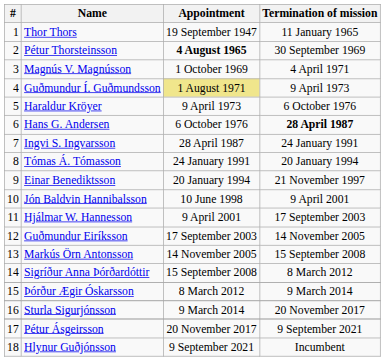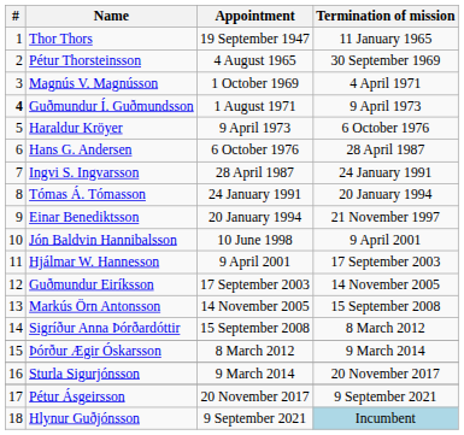 <table class="wikitable">
 <tr>
 <th>#</th>
 <th>Name</th>
 <th>Appointment</th>
 <th>Termination of mission</th>
 </tr>
 <tr>
 <td style="text-align: right;">1</td>
 <td><a href='#'>Thor Thors</a></td>
 <td style="text-align: center;">19 September 1947</td>
 <td style="text-align: center;">11 January 1965</td>
 </tr>
 <tr>
 <td style="text-align: right;">2</td>
 <td><a href='#'>Pétur Thorsteinsson</a></td>
-<td style="text-align: center;"><strong>4 August 1965</strong></td>
+<td style="text-align: center;">4 August 1965</td>
 <td style="text-align: center;">30 September 1969</td>
 </tr>
 <tr>
 <td style="text-align: right;">3</td>
 <td><a href='#'>Magnús V. Magnússon</a></td>
 <td style="text-align: center;">1 October 1969</td>
 <td style="text-align: center;">4 April 1971</td>
 </tr>
 <tr>
-<td style="text-align: right;">4</td>
+<td style="text-align: right;"><strong>4</strong></td>
 <td><a href='#'>Guðmundur Í. Guðmundsson</a></td>
-<td style="background: khaki; text-align: center;">1 August 1971</td>
+<td style="text-align: center;">1 August 1971</td>
 <td style="text-align: center;">9 April 1973</td>
 </tr>
 <tr>
 <td style="text-align: right;">5</td>
 <td><a href='#'>Haraldur Kröyer</a></td>
 <td style="text-align: center;">9 April 1973</td>
 <td style="text-align: center;">6 October 1976</td>
 </tr>
 <tr>
 <td style="text-align: right;">6</td>
 <td><a href='#'>Hans G. Andersen</a></td>
 <td style="text-align: center;">6 October 1976</td>
-<td style="text-align: center;"><strong>28 April 1987</strong></td>
+<td style="text-align: center;">28 April 1987</td>
 </tr>
 <tr>
 <td style="text-align: right;">7</td>
 <td><a href='#'>Ingvi S. Ingvarsson</a></td>
 <td style="text-align: center;">28 April 1987</td>
 <td style="text-align: center;">24 January 1991</td>
 </tr>
 <tr>
 <td style="text-align: right;">8</td>
 <td><a href='#'>Tómas Á. Tómasson</a></td>
 <td style="text-align: center;">24 January 1991</td>
 <td style="text-align: center;">20 January 1994</td>
 </tr>
 <tr>
 <td style="text-align: right;">9</td>
 <td><a href='#'>Einar Benediktsson</a></td>
 <td style="text-align: center;">20 January 1994</td>
 <td style="text-align: center;">21 November 1997</td>
 </tr>
 <tr>
 <td style="text-align: right;">10</td>
 <td><a href='#'>Jón Baldvin Hannibalsson</a></td>
 <td style="text-align: center;">10 June 1998</td>
 <td style="text-align: center;">9 April 2001</td>
 </tr>
 <tr>
 <td style="text-align: right;">11</td>
 <td><a href='#'>Hjálmar W. Hannesson</a></td>
 <td style="text-align: center;">9 April 2001</td>
 <td style="text-align: center;">17 September 2003</td>
 </tr>
 <tr>
 <td style="text-align: right;">12</td>
 <td><a href='#'>Guðmundur Eiríksson</a></td>
 <td style="text-align: center;">17 September 2003</td>
 <td style="text-align: center;">14 November 2005</td>
 </tr>
 <tr>
 <td style="text-align: right;">13</td>
 <td><a href='#'>Markús Örn Antonsson</a></td>
 <td style="text-align: center;">14 November 2005</td>
 <td style="text-align: center;">15 September 2008</td>
 </tr>
 <tr>
 <td style="text-align: right;">14</td>
 <td><a href='#'>Sigríður Anna Þórðardóttir</a></td>
 <td style="text-align: center;">15 September 2008</td>
 <td style="text-align: center;">8 March 2012</td>
 </tr>
 <tr>
 </tr>
 <tr>
 <td style="text-align: right;">15</td>
 <td><a href='#'>Þórður Ægir Óskarsson</a></td>
 <td style="text-align: center;">8 March 2012</td>
 <td style="text-align: center;">9 March 2014</td>
 </tr>
 <tr>
 </tr>
 <tr>
 <td style="text-align: right;">16</td>
 <td><a href='#'>Sturla Sigurjónsson</a></td>
 <td style="text-align: center;">9 March 2014</td>
 <td style="text-align: center;">20 November 2017</td>
 </tr>
 <tr>
 </tr>
 <tr>
 <td style="text-align: right;">17</td>
 <td><a href='#'>Pétur Ásgeirsson</a></td>
 <td style="text-align: center;">20 November 2017</td>
 <td style="text-align: center;">9 September 2021</td>
 </tr>
 <tr>
 <td style="text-align: right;">18</td>
 <td><a href='#'>Hlynur Guðjónsson</a></td>
 <td style="text-align: center;">9 September 2021</td>
-<td style="text-align: center;">Incumbent</td>
+<td style="background: lightblue; text-align: center;">Incumbent</td>
 </tr>
 </table>
